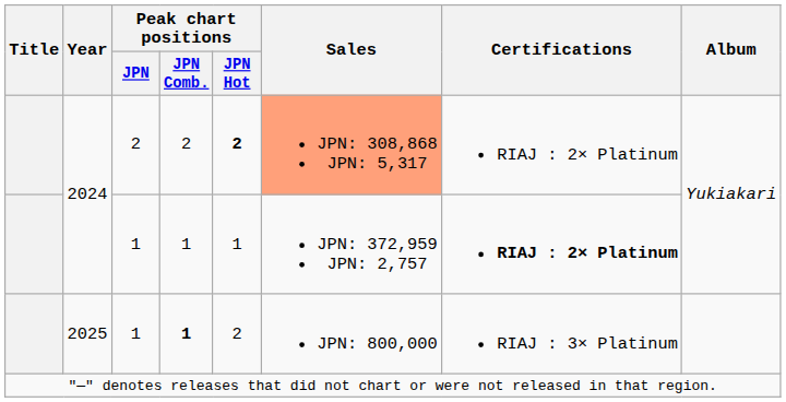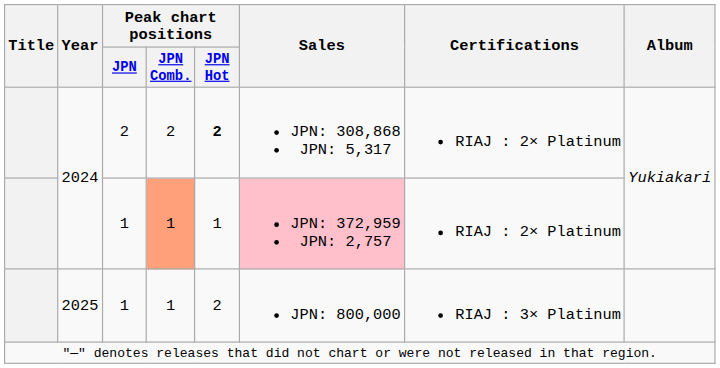 <table class="wikitable plainrowheaders" style="text-align:center">
 <tr>
 <th scope="col" rowspan="2">Title</th>
 <th scope="col" rowspan="2">Year</th>
 <th scope="col" colspan="3">Peak chart positions</th>
 <th scope="col" rowspan="2">Sales</th>
 <th scope="col" rowspan="2">Certifications</th>
 <th scope="col" rowspan="2">Album</th>
 </tr>
 <tr>
 <th scope="col" style="font-size:90%; width:2.75em"><a href='#'>JPN</a><br></th>
 <th scope="col" style="font-size:90%; width:2.75em"><a href='#'>JPN<br>Comb.</a><br></th>
 <th scope="col" style="font-size:90%; width:2.75em"><a href='#'>JPN<br>Hot</a><br></th>
 </tr>
 <tr>
 <th scope="row"></th>
 <td rowspan="2">2024</td>
 <td>2</td>
 <td>2</td>
 <td><strong>2</strong></td>
-<td style="background: lightsalmon;"><br><ul><li>JPN: 308,868 </li><li>JPN: 5,317 </li></ul></td>
+<td><br><ul><li>JPN: 308,868 </li><li>JPN: 5,317 </li></ul></td>
 <td><br><ul><li>RIAJ : 2× Platinum</li></ul></td>
 <td rowspan="2"><em>Yukiakari</em></td>
 </tr>
 <tr>
 <th scope="row"></th>
 <td>1</td>
+<td style="background: lightsalmon;">1</td>
 <td>1</td>
-<td>1</td>
-<td><br><ul><li>JPN: 372,959 </li><li>JPN: 2,757 </li></ul></td>
-<td><strong><br><ul><li>RIAJ : 2× Platinum</li></ul></strong></td>
+<td style="background: pink;"><br><ul><li>JPN: 372,959 </li><li>JPN: 2,757 </li></ul></td>
+<td><br><ul><li>RIAJ : 2× Platinum</li></ul></td>
 </tr>
 <tr>
 <th scope="row"></th>
 <td>2025</td>
 <td>1</td>
-<td><strong>1</strong></td>
+<td>1</td>
 <td>2</td>
 <td><br><ul><li>JPN: 800,000 </li></ul></td>
 <td><br><ul><li>RIAJ : 3× Platinum</li></ul></td>
 <td></td>
 </tr>
 <tr>
 <td colspan="8" style="font-size:85%">"—" denotes releases that did not chart or were not released in that region.</td>
 </tr>
 </table>
